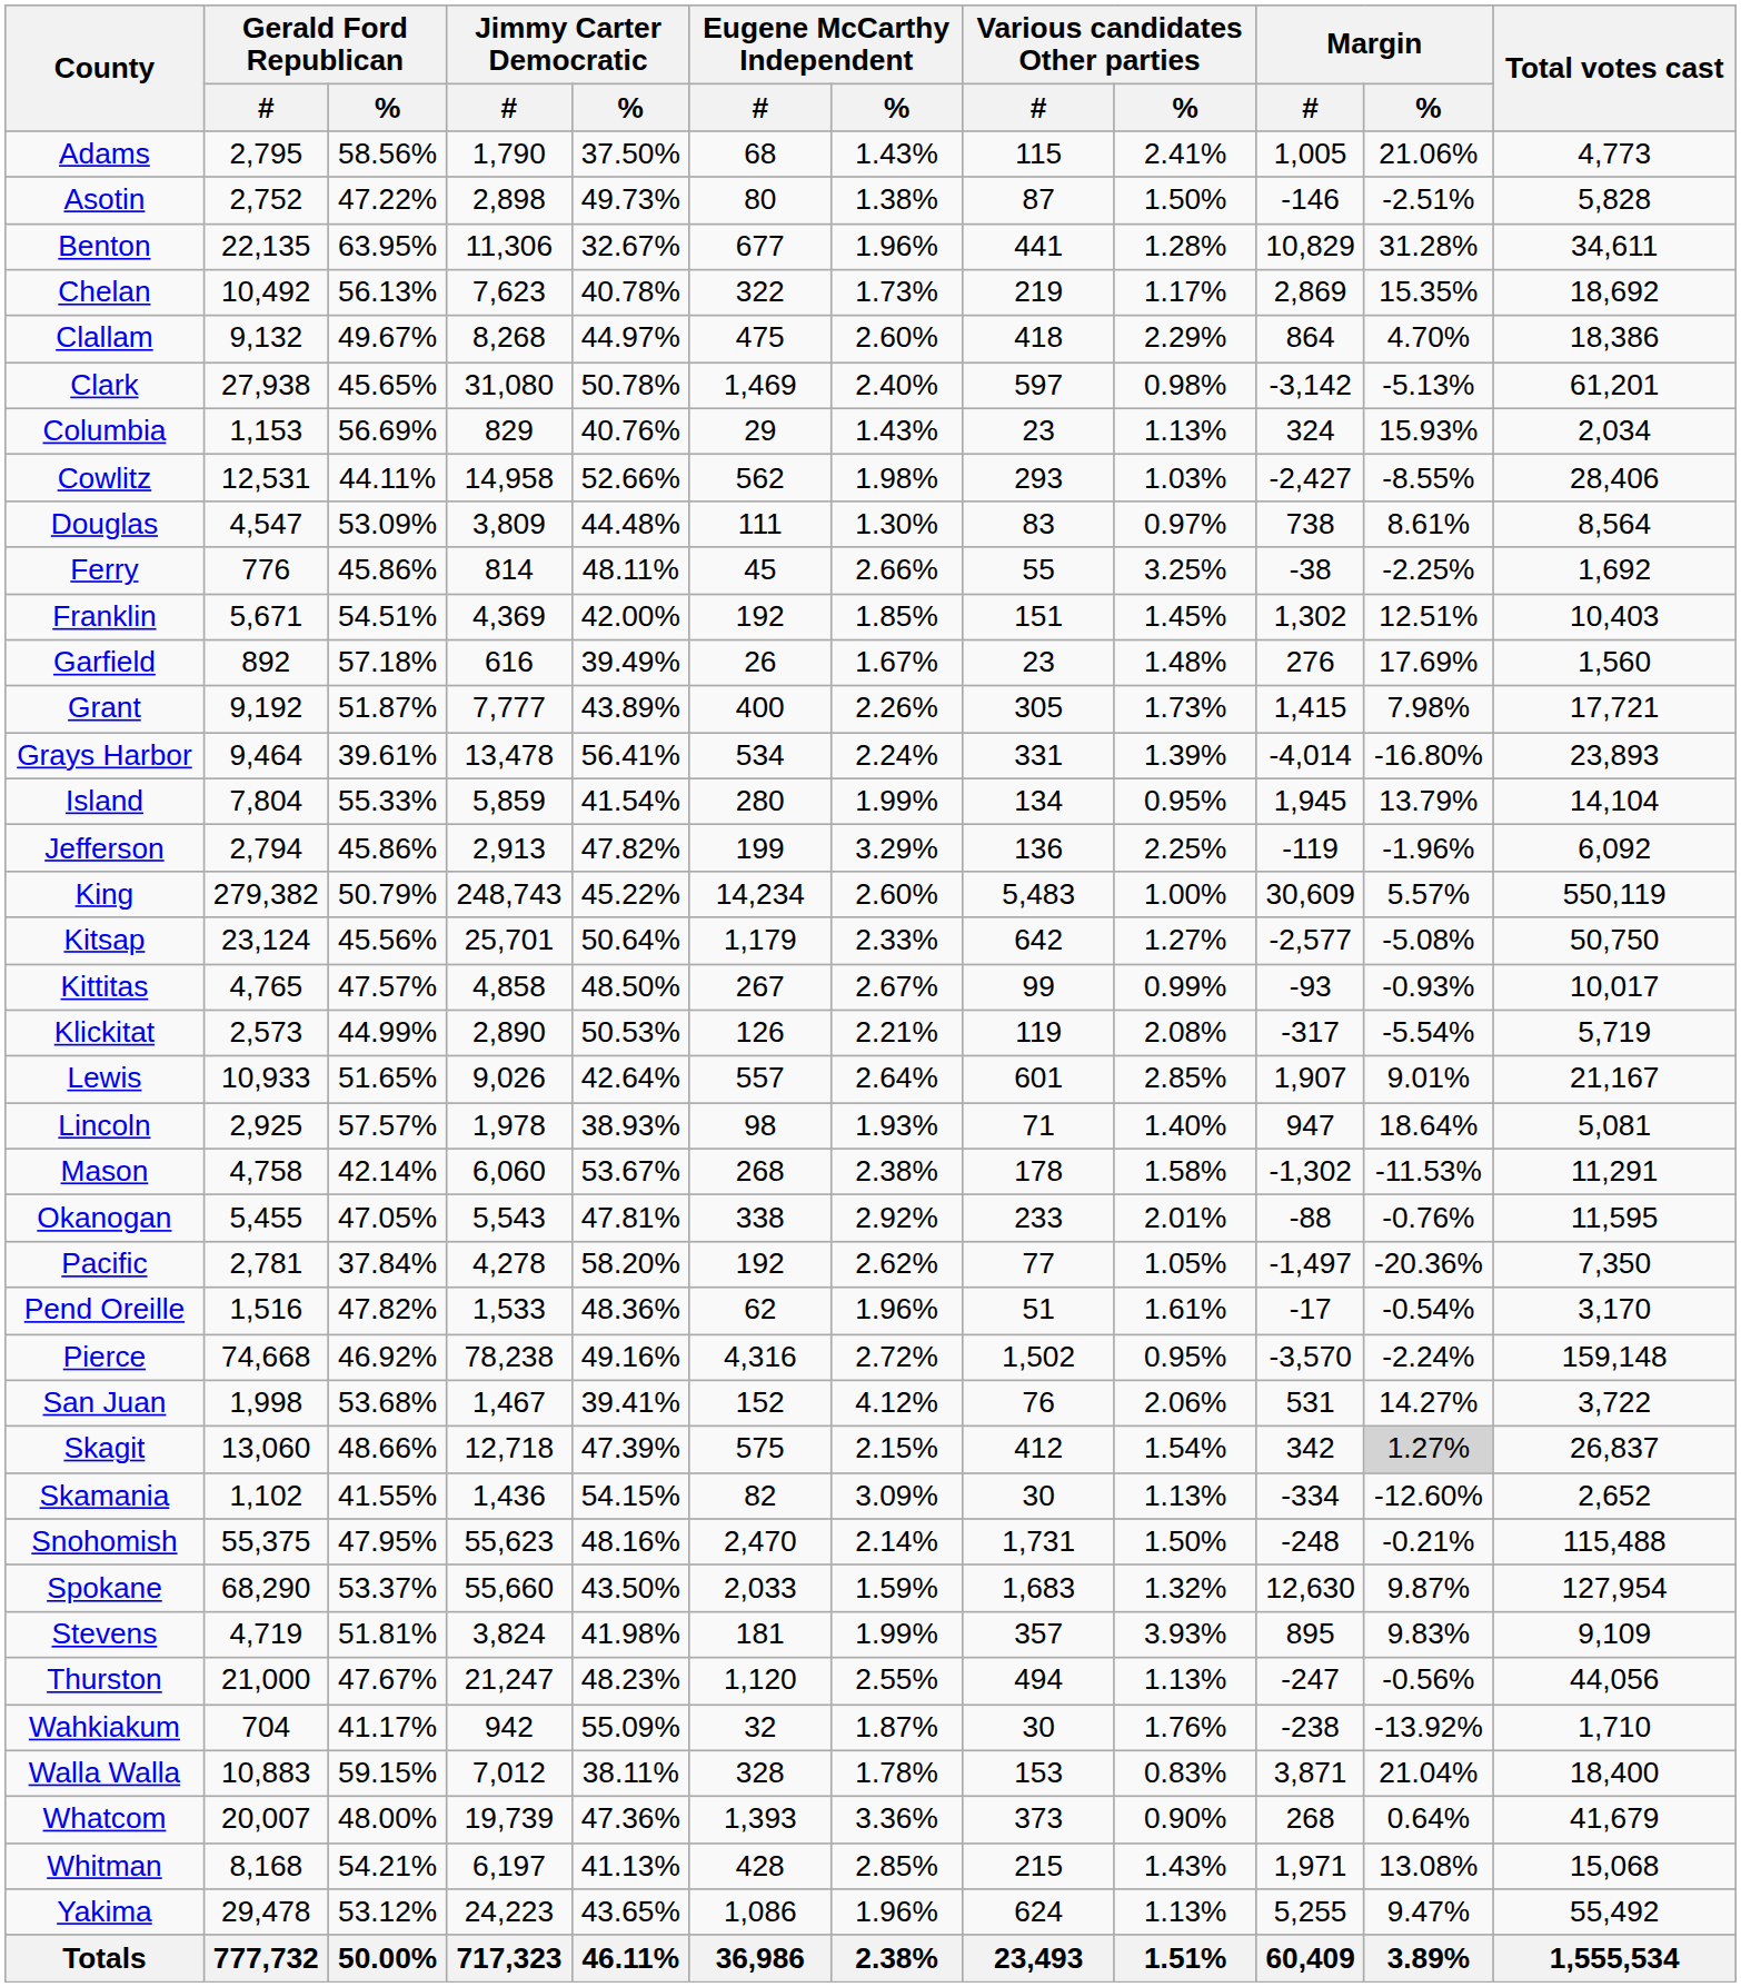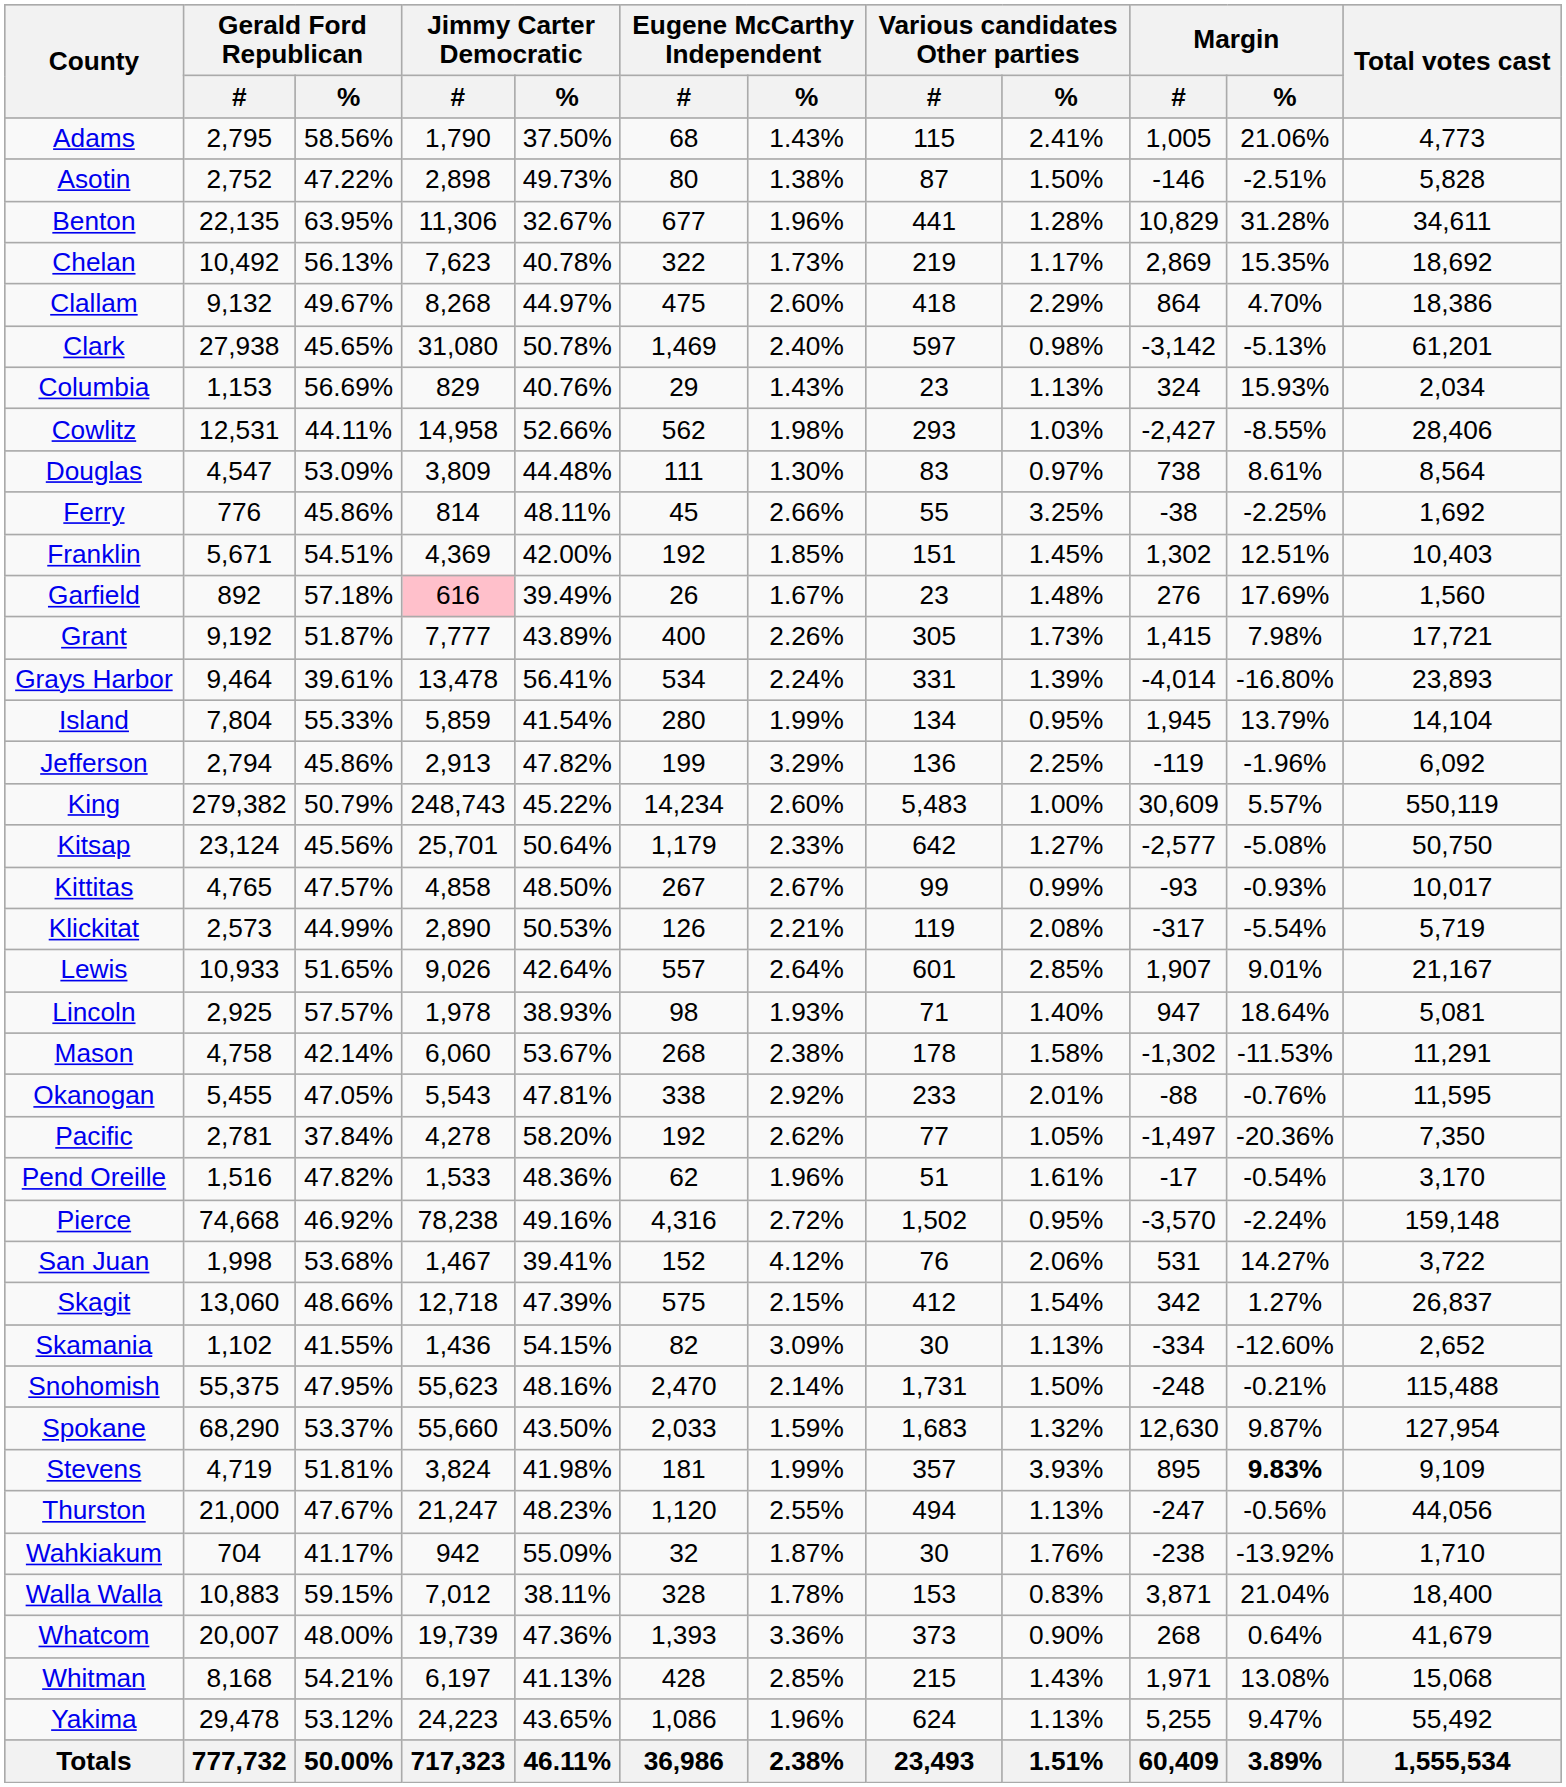 <table width="60%" class="wikitable sortable">
 <tr>
 <th rowspan="2">County</th>
 <th colspan="2">Gerald Ford<br>Republican</th>
 <th colspan="2">Jimmy Carter<br>Democratic</th>
 <th colspan="2">Eugene McCarthy<br>Independent</th>
 <th colspan="2">Various candidates<br>Other parties</th>
 <th colspan="2">Margin</th>
 <th rowspan="2">Total votes cast</th>
 </tr>
 <tr>
 <th style="text-align:center;" data-sort-type="number">#</th>
 <th style="text-align:center;" data-sort-type="number">%</th>
 <th style="text-align:center;" data-sort-type="number">#</th>
 <th style="text-align:center;" data-sort-type="number">%</th>
 <th style="text-align:center;" data-sort-type="number">#</th>
 <th style="text-align:center;" data-sort-type="number">%</th>
 <th style="text-align:center;" data-sort-type="number">#</th>
 <th style="text-align:center;" data-sort-type="number">%</th>
 <th style="text-align:center;" data-sort-type="number">#</th>
 <th style="text-align:center;" data-sort-type="number">%</th>
 </tr>
 <tr style="text-align:center;">
 <td><a href='#'>Adams</a></td>
 <td>2,795</td>
 <td>58.56%</td>
 <td>1,790</td>
 <td>37.50%</td>
 <td>68</td>
 <td>1.43%</td>
 <td>115</td>
 <td>2.41%</td>
 <td>1,005</td>
 <td>21.06%</td>
 <td>4,773</td>
 </tr>
 <tr style="text-align:center;">
 <td><a href='#'>Asotin</a></td>
 <td>2,752</td>
 <td>47.22%</td>
 <td>2,898</td>
 <td>49.73%</td>
 <td>80</td>
 <td>1.38%</td>
 <td>87</td>
 <td>1.50%</td>
 <td>-146</td>
 <td>-2.51%</td>
 <td>5,828</td>
 </tr>
 <tr style="text-align:center;">
 <td><a href='#'>Benton</a></td>
 <td>22,135</td>
 <td>63.95%</td>
 <td>11,306</td>
 <td>32.67%</td>
 <td>677</td>
 <td>1.96%</td>
 <td>441</td>
 <td>1.28%</td>
 <td>10,829</td>
 <td>31.28%</td>
 <td>34,611</td>
 </tr>
 <tr style="text-align:center;">
 <td><a href='#'>Chelan</a></td>
 <td>10,492</td>
 <td>56.13%</td>
 <td>7,623</td>
 <td>40.78%</td>
 <td>322</td>
 <td>1.73%</td>
 <td>219</td>
 <td>1.17%</td>
 <td>2,869</td>
 <td>15.35%</td>
 <td>18,692</td>
 </tr>
 <tr style="text-align:center;">
 <td><a href='#'>Clallam</a></td>
 <td>9,132</td>
 <td>49.67%</td>
 <td>8,268</td>
 <td>44.97%</td>
 <td>475</td>
 <td>2.60%</td>
 <td>418</td>
 <td>2.29%</td>
 <td>864</td>
 <td>4.70%</td>
 <td>18,386</td>
 </tr>
 <tr style="text-align:center;">
 <td><a href='#'>Clark</a></td>
 <td>27,938</td>
 <td>45.65%</td>
 <td>31,080</td>
 <td>50.78%</td>
 <td>1,469</td>
 <td>2.40%</td>
 <td>597</td>
 <td>0.98%</td>
 <td>-3,142</td>
 <td>-5.13%</td>
 <td>61,201</td>
 </tr>
 <tr style="text-align:center;">
 <td><a href='#'>Columbia</a></td>
 <td>1,153</td>
 <td>56.69%</td>
 <td>829</td>
 <td>40.76%</td>
 <td>29</td>
 <td>1.43%</td>
 <td>23</td>
 <td>1.13%</td>
 <td>324</td>
 <td>15.93%</td>
 <td>2,034</td>
 </tr>
 <tr style="text-align:center;">
 <td><a href='#'>Cowlitz</a></td>
 <td>12,531</td>
 <td>44.11%</td>
 <td>14,958</td>
 <td>52.66%</td>
 <td>562</td>
 <td>1.98%</td>
 <td>293</td>
 <td>1.03%</td>
 <td>-2,427</td>
 <td>-8.55%</td>
 <td>28,406</td>
 </tr>
 <tr style="text-align:center;">
 <td><a href='#'>Douglas</a></td>
 <td>4,547</td>
 <td>53.09%</td>
 <td>3,809</td>
 <td>44.48%</td>
 <td>111</td>
 <td>1.30%</td>
 <td>83</td>
 <td>0.97%</td>
 <td>738</td>
 <td>8.61%</td>
 <td>8,564</td>
 </tr>
 <tr style="text-align:center;">
 <td><a href='#'>Ferry</a></td>
 <td>776</td>
 <td>45.86%</td>
 <td>814</td>
 <td>48.11%</td>
 <td>45</td>
 <td>2.66%</td>
 <td>55</td>
 <td>3.25%</td>
 <td>-38</td>
 <td>-2.25%</td>
 <td>1,692</td>
 </tr>
 <tr style="text-align:center;">
 <td><a href='#'>Franklin</a></td>
 <td>5,671</td>
 <td>54.51%</td>
 <td>4,369</td>
 <td>42.00%</td>
 <td>192</td>
 <td>1.85%</td>
 <td>151</td>
 <td>1.45%</td>
 <td>1,302</td>
 <td>12.51%</td>
 <td>10,403</td>
 </tr>
 <tr style="text-align:center;">
 <td><a href='#'>Garfield</a></td>
 <td>892</td>
 <td>57.18%</td>
-<td>616</td>
+<td style="background: pink;">616</td>
 <td>39.49%</td>
 <td>26</td>
 <td>1.67%</td>
 <td>23</td>
 <td>1.48%</td>
 <td>276</td>
 <td>17.69%</td>
 <td>1,560</td>
 </tr>
 <tr style="text-align:center;">
 <td><a href='#'>Grant</a></td>
 <td>9,192</td>
 <td>51.87%</td>
 <td>7,777</td>
 <td>43.89%</td>
 <td>400</td>
 <td>2.26%</td>
 <td>305</td>
 <td>1.73%</td>
 <td>1,415</td>
 <td>7.98%</td>
 <td>17,721</td>
 </tr>
 <tr style="text-align:center;">
 <td><a href='#'>Grays Harbor</a></td>
 <td>9,464</td>
 <td>39.61%</td>
 <td>13,478</td>
 <td>56.41%</td>
 <td>534</td>
 <td>2.24%</td>
 <td>331</td>
 <td>1.39%</td>
 <td>-4,014</td>
 <td>-16.80%</td>
 <td>23,893</td>
 </tr>
 <tr style="text-align:center;">
 <td><a href='#'>Island</a></td>
 <td>7,804</td>
 <td>55.33%</td>
 <td>5,859</td>
 <td>41.54%</td>
 <td>280</td>
 <td>1.99%</td>
 <td>134</td>
 <td>0.95%</td>
 <td>1,945</td>
 <td>13.79%</td>
 <td>14,104</td>
 </tr>
 <tr style="text-align:center;">
 <td><a href='#'>Jefferson</a></td>
 <td>2,794</td>
 <td>45.86%</td>
 <td>2,913</td>
 <td>47.82%</td>
 <td>199</td>
 <td>3.29%</td>
 <td>136</td>
 <td>2.25%</td>
 <td>-119</td>
 <td>-1.96%</td>
 <td>6,092</td>
 </tr>
 <tr style="text-align:center;">
 <td><a href='#'>King</a></td>
 <td>279,382</td>
 <td>50.79%</td>
 <td>248,743</td>
 <td>45.22%</td>
 <td>14,234</td>
 <td>2.60%</td>
 <td>5,483</td>
 <td>1.00%</td>
 <td>30,609</td>
 <td>5.57%</td>
 <td>550,119</td>
 </tr>
 <tr style="text-align:center;">
 <td><a href='#'>Kitsap</a></td>
 <td>23,124</td>
 <td>45.56%</td>
 <td>25,701</td>
 <td>50.64%</td>
 <td>1,179</td>
 <td>2.33%</td>
 <td>642</td>
 <td>1.27%</td>
 <td>-2,577</td>
 <td>-5.08%</td>
 <td>50,750</td>
 </tr>
 <tr style="text-align:center;">
 <td><a href='#'>Kittitas</a></td>
 <td>4,765</td>
 <td>47.57%</td>
 <td>4,858</td>
 <td>48.50%</td>
 <td>267</td>
 <td>2.67%</td>
 <td>99</td>
 <td>0.99%</td>
 <td>-93</td>
 <td>-0.93%</td>
 <td>10,017</td>
 </tr>
 <tr style="text-align:center;">
 <td><a href='#'>Klickitat</a></td>
 <td>2,573</td>
 <td>44.99%</td>
 <td>2,890</td>
 <td>50.53%</td>
 <td>126</td>
 <td>2.21%</td>
 <td>119</td>
 <td>2.08%</td>
 <td>-317</td>
 <td>-5.54%</td>
 <td>5,719</td>
 </tr>
 <tr style="text-align:center;">
 <td><a href='#'>Lewis</a></td>
 <td>10,933</td>
 <td>51.65%</td>
 <td>9,026</td>
 <td>42.64%</td>
 <td>557</td>
 <td>2.64%</td>
 <td>601</td>
 <td>2.85%</td>
 <td>1,907</td>
 <td>9.01%</td>
 <td>21,167</td>
 </tr>
 <tr style="text-align:center;">
 <td><a href='#'>Lincoln</a></td>
 <td>2,925</td>
 <td>57.57%</td>
 <td>1,978</td>
 <td>38.93%</td>
 <td>98</td>
 <td>1.93%</td>
 <td>71</td>
 <td>1.40%</td>
 <td>947</td>
 <td>18.64%</td>
 <td>5,081</td>
 </tr>
 <tr style="text-align:center;">
 <td><a href='#'>Mason</a></td>
 <td>4,758</td>
 <td>42.14%</td>
 <td>6,060</td>
 <td>53.67%</td>
 <td>268</td>
 <td>2.38%</td>
 <td>178</td>
 <td>1.58%</td>
 <td>-1,302</td>
 <td>-11.53%</td>
 <td>11,291</td>
 </tr>
 <tr style="text-align:center;">
 <td><a href='#'>Okanogan</a></td>
 <td>5,455</td>
 <td>47.05%</td>
 <td>5,543</td>
 <td>47.81%</td>
 <td>338</td>
 <td>2.92%</td>
 <td>233</td>
 <td>2.01%</td>
 <td>-88</td>
 <td>-0.76%</td>
 <td>11,595</td>
 </tr>
 <tr style="text-align:center;">
 <td><a href='#'>Pacific</a></td>
 <td>2,781</td>
 <td>37.84%</td>
 <td>4,278</td>
 <td>58.20%</td>
 <td>192</td>
 <td>2.62%</td>
 <td>77</td>
 <td>1.05%</td>
 <td>-1,497</td>
 <td>-20.36%</td>
 <td>7,350</td>
 </tr>
 <tr style="text-align:center;">
 <td><a href='#'>Pend Oreille</a></td>
 <td>1,516</td>
 <td>47.82%</td>
 <td>1,533</td>
 <td>48.36%</td>
 <td>62</td>
 <td>1.96%</td>
 <td>51</td>
 <td>1.61%</td>
 <td>-17</td>
 <td>-0.54%</td>
 <td>3,170</td>
 </tr>
 <tr style="text-align:center;">
 <td><a href='#'>Pierce</a></td>
 <td>74,668</td>
 <td>46.92%</td>
 <td>78,238</td>
 <td>49.16%</td>
 <td>4,316</td>
 <td>2.72%</td>
 <td>1,502</td>
 <td>0.95%</td>
 <td>-3,570</td>
 <td>-2.24%</td>
 <td>159,148</td>
 </tr>
 <tr style="text-align:center;">
 <td><a href='#'>San Juan</a></td>
 <td>1,998</td>
 <td>53.68%</td>
 <td>1,467</td>
 <td>39.41%</td>
 <td>152</td>
 <td>4.12%</td>
 <td>76</td>
 <td>2.06%</td>
 <td>531</td>
 <td>14.27%</td>
 <td>3,722</td>
 </tr>
 <tr style="text-align:center;">
 <td><a href='#'>Skagit</a></td>
 <td>13,060</td>
 <td>48.66%</td>
 <td>12,718</td>
 <td>47.39%</td>
 <td>575</td>
 <td>2.15%</td>
 <td>412</td>
 <td>1.54%</td>
 <td>342</td>
-<td style="background: lightgrey;">1.27%</td>
+<td>1.27%</td>
 <td>26,837</td>
 </tr>
 <tr style="text-align:center;">
 <td><a href='#'>Skamania</a></td>
 <td>1,102</td>
 <td>41.55%</td>
 <td>1,436</td>
 <td>54.15%</td>
 <td>82</td>
 <td>3.09%</td>
 <td>30</td>
 <td>1.13%</td>
 <td>-334</td>
 <td>-12.60%</td>
 <td>2,652</td>
 </tr>
 <tr style="text-align:center;">
 <td><a href='#'>Snohomish</a></td>
 <td>55,375</td>
 <td>47.95%</td>
 <td>55,623</td>
 <td>48.16%</td>
 <td>2,470</td>
 <td>2.14%</td>
 <td>1,731</td>
 <td>1.50%</td>
 <td>-248</td>
 <td>-0.21%</td>
 <td>115,488</td>
 </tr>
 <tr style="text-align:center;">
 <td><a href='#'>Spokane</a></td>
 <td>68,290</td>
 <td>53.37%</td>
 <td>55,660</td>
 <td>43.50%</td>
 <td>2,033</td>
 <td>1.59%</td>
 <td>1,683</td>
 <td>1.32%</td>
 <td>12,630</td>
 <td>9.87%</td>
 <td>127,954</td>
 </tr>
 <tr style="text-align:center;">
 <td><a href='#'>Stevens</a></td>
 <td>4,719</td>
 <td>51.81%</td>
 <td>3,824</td>
 <td>41.98%</td>
 <td>181</td>
 <td>1.99%</td>
 <td>357</td>
 <td>3.93%</td>
 <td>895</td>
-<td>9.83%</td>
+<td><strong>9.83%</strong></td>
 <td>9,109</td>
 </tr>
 <tr style="text-align:center;">
 <td><a href='#'>Thurston</a></td>
 <td>21,000</td>
 <td>47.67%</td>
 <td>21,247</td>
 <td>48.23%</td>
 <td>1,120</td>
 <td>2.55%</td>
 <td>494</td>
 <td>1.13%</td>
 <td>-247</td>
 <td>-0.56%</td>
 <td>44,056</td>
 </tr>
 <tr style="text-align:center;">
 <td><a href='#'>Wahkiakum</a></td>
 <td>704</td>
 <td>41.17%</td>
 <td>942</td>
 <td>55.09%</td>
 <td>32</td>
 <td>1.87%</td>
 <td>30</td>
 <td>1.76%</td>
 <td>-238</td>
 <td>-13.92%</td>
 <td>1,710</td>
 </tr>
 <tr style="text-align:center;">
 <td><a href='#'>Walla Walla</a></td>
 <td>10,883</td>
 <td>59.15%</td>
 <td>7,012</td>
 <td>38.11%</td>
 <td>328</td>
 <td>1.78%</td>
 <td>153</td>
 <td>0.83%</td>
 <td>3,871</td>
 <td>21.04%</td>
 <td>18,400</td>
 </tr>
 <tr style="text-align:center;">
 <td><a href='#'>Whatcom</a></td>
 <td>20,007</td>
 <td>48.00%</td>
 <td>19,739</td>
 <td>47.36%</td>
 <td>1,393</td>
 <td>3.36%</td>
 <td>373</td>
 <td>0.90%</td>
 <td>268</td>
 <td>0.64%</td>
 <td>41,679</td>
 </tr>
 <tr style="text-align:center;">
 <td><a href='#'>Whitman</a></td>
 <td>8,168</td>
 <td>54.21%</td>
 <td>6,197</td>
 <td>41.13%</td>
 <td>428</td>
 <td>2.85%</td>
 <td>215</td>
 <td>1.43%</td>
 <td>1,971</td>
 <td>13.08%</td>
 <td>15,068</td>
 </tr>
 <tr style="text-align:center;">
 <td><a href='#'>Yakima</a></td>
 <td>29,478</td>
 <td>53.12%</td>
 <td>24,223</td>
 <td>43.65%</td>
 <td>1,086</td>
 <td>1.96%</td>
 <td>624</td>
 <td>1.13%</td>
 <td>5,255</td>
 <td>9.47%</td>
 <td>55,492</td>
 </tr>
 <tr style="text-align:center;">
 <th>Totals</th>
 <th>777,732</th>
 <th>50.00%</th>
 <th>717,323</th>
 <th>46.11%</th>
 <th>36,986</th>
 <th>2.38%</th>
 <th>23,493</th>
 <th>1.51%</th>
 <th>60,409</th>
 <th>3.89%</th>
 <th>1,555,534</th>
 </tr>
 </table>
